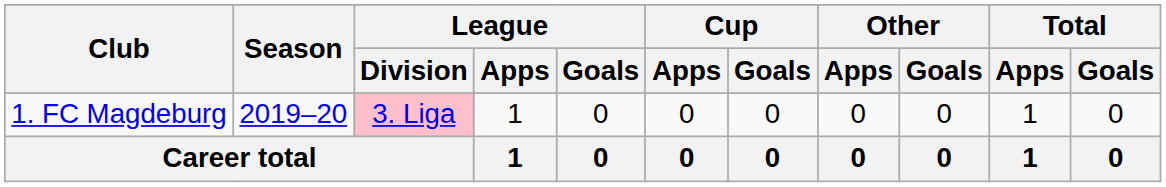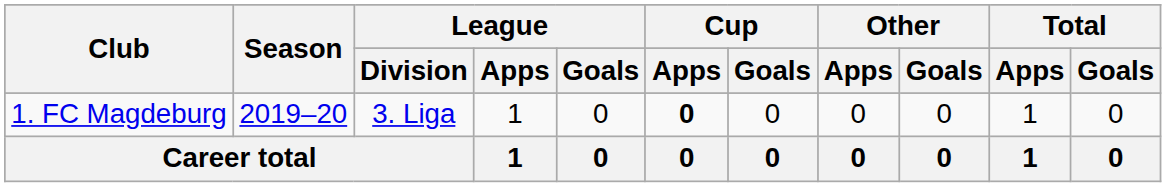 <table class="wikitable" style="text-align: center">
 <tr>
 <th rowspan="2">Club</th>
 <th rowspan="2">Season</th>
 <th colspan="3">League</th>
 <th colspan="2">Cup</th>
 <th colspan="2">Other</th>
 <th colspan="2">Total</th>
 </tr>
 <tr>
 <th>Division</th>
 <th>Apps</th>
 <th>Goals</th>
 <th>Apps</th>
 <th>Goals</th>
 <th>Apps</th>
 <th>Goals</th>
 <th>Apps</th>
 <th>Goals</th>
 </tr>
 <tr>
 <td><a href='#'>1. FC Magdeburg</a></td>
 <td><a href='#'>2019–20</a></td>
-<td style="background: pink;"><a href='#'>3. Liga</a></td>
+<td><a href='#'>3. Liga</a></td>
 <td>1</td>
 <td>0</td>
-<td>0</td>
+<td><strong>0</strong></td>
 <td>0</td>
 <td>0</td>
 <td>0</td>
 <td>1</td>
 <td>0</td>
 </tr>
 <tr>
 <th colspan=3>Career total</th>
 <th>1</th>
 <th>0</th>
 <th>0</th>
 <th>0</th>
 <th>0</th>
 <th>0</th>
 <th>1</th>
 <th>0</th>
 </tr>
 </table>
